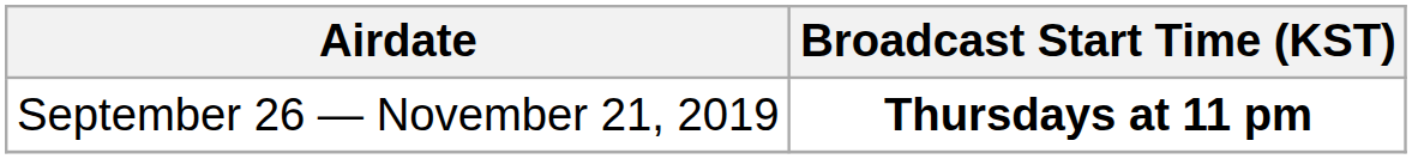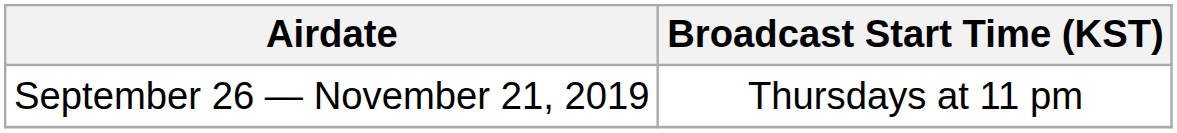 <table class=wikitable style=text-align:center;background:#ffffff>
 <tr>
 <th>Airdate</th>
 <th colspan=2>Broadcast Start Time (KST)</th>
 </tr>
 <tr>
 <td>September 26 — November 21, 2019</td>
-<td><strong>Thursdays at 11 pm</strong></td>
+<td>Thursdays at 11 pm</td>
 </tr>
 <tr>
 </tr>
 </table>
